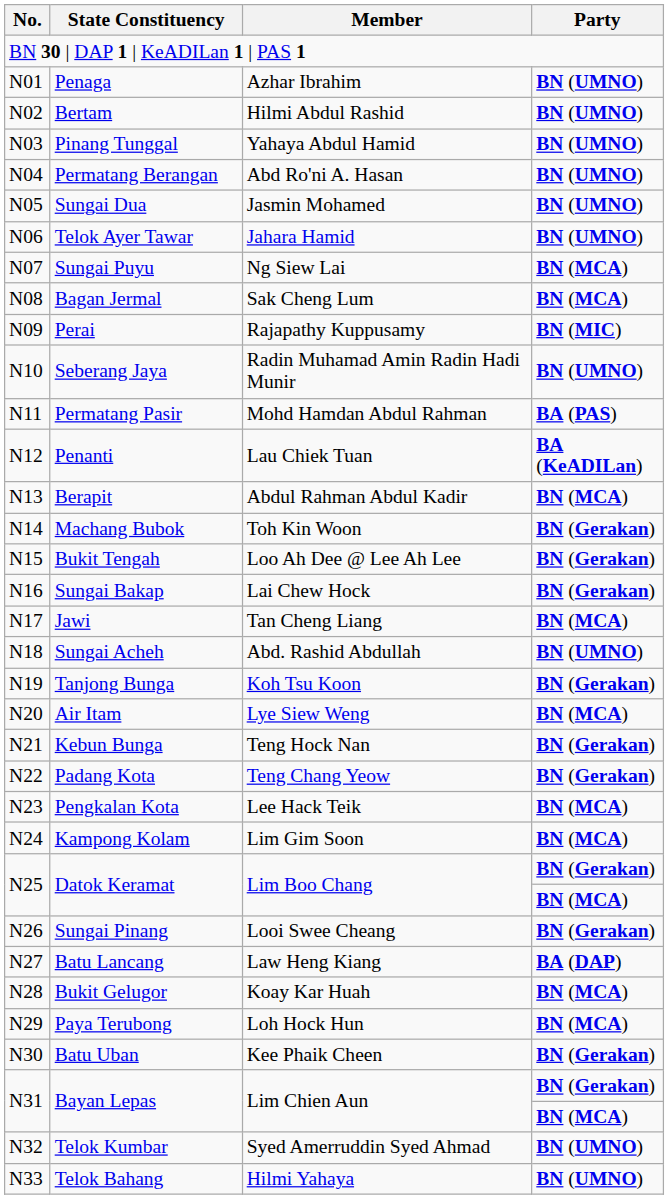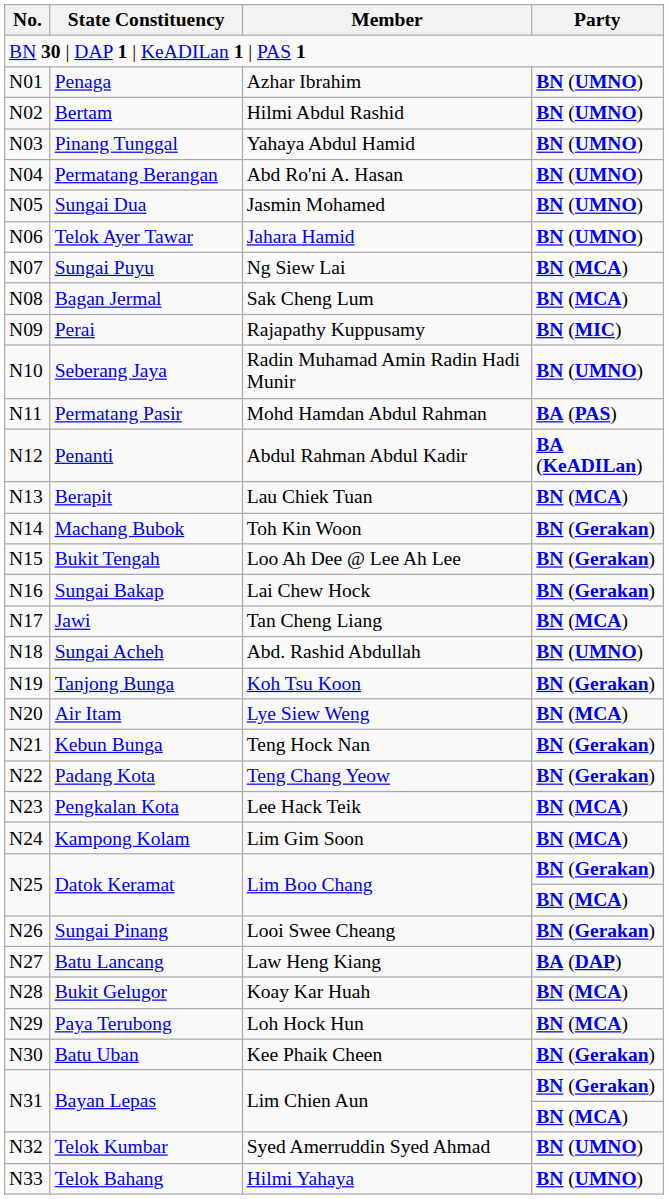 <table class="wikitable sortable">
 <tr>
 <th style="width:30px;">No.</th>
 <th style="width:150px;">State Constituency</th>
 <th style="width:230px;">Member</th>
 <th style="width:100px;">Party</th>
 </tr>
 <tr>
 <td colspan="4"><a href='#'>BN</a> <strong>30</strong> | <a href='#'>DAP</a> <strong>1</strong> | <a href='#'>KeADILan</a> <strong>1</strong> | <a href='#'>PAS</a> <strong>1</strong></td>
 </tr>
 <tr>
 <td>N01</td>
 <td><a href='#'>Penaga</a></td>
 <td>Azhar Ibrahim</td>
 <td><strong><a href='#'>BN</a></strong> (<strong><a href='#'>UMNO</a></strong>)</td>
 </tr>
 <tr>
 <td>N02</td>
 <td><a href='#'>Bertam</a></td>
 <td>Hilmi Abdul Rashid</td>
 <td><strong><a href='#'>BN</a></strong> (<strong><a href='#'>UMNO</a></strong>)</td>
 </tr>
 <tr>
 <td>N03</td>
 <td><a href='#'>Pinang Tunggal</a></td>
 <td>Yahaya Abdul Hamid</td>
 <td><strong><a href='#'>BN</a></strong> (<strong><a href='#'>UMNO</a></strong>)</td>
 </tr>
 <tr>
 <td>N04</td>
 <td><a href='#'>Permatang Berangan</a></td>
 <td>Abd Ro'ni A. Hasan</td>
 <td><strong><a href='#'>BN</a></strong> (<strong><a href='#'>UMNO</a></strong>)</td>
 </tr>
 <tr>
 <td>N05</td>
 <td><a href='#'>Sungai Dua</a></td>
 <td>Jasmin Mohamed</td>
 <td><strong><a href='#'>BN</a></strong> (<strong><a href='#'>UMNO</a></strong>)</td>
 </tr>
 <tr>
 <td>N06</td>
 <td><a href='#'>Telok Ayer Tawar</a></td>
 <td><a href='#'>Jahara Hamid</a></td>
 <td><strong><a href='#'>BN</a></strong> (<strong><a href='#'>UMNO</a></strong>)</td>
 </tr>
 <tr>
 <td>N07</td>
 <td><a href='#'>Sungai Puyu</a></td>
 <td>Ng Siew Lai</td>
 <td><strong><a href='#'>BN</a></strong> (<strong><a href='#'>MCA</a></strong>)</td>
 </tr>
 <tr>
 <td>N08</td>
 <td><a href='#'>Bagan Jermal</a></td>
 <td>Sak Cheng Lum</td>
 <td><strong><a href='#'>BN</a></strong> (<strong><a href='#'>MCA</a></strong>)</td>
 </tr>
 <tr>
 <td>N09</td>
 <td><a href='#'>Perai</a></td>
 <td>Rajapathy Kuppusamy</td>
 <td><strong><a href='#'>BN</a></strong> (<strong><a href='#'>MIC</a></strong>)</td>
 </tr>
 <tr>
 <td>N10</td>
 <td><a href='#'>Seberang Jaya</a></td>
 <td>Radin Muhamad Amin Radin Hadi Munir</td>
 <td><strong><a href='#'>BN</a></strong> (<strong><a href='#'>UMNO</a></strong>)</td>
 </tr>
 <tr>
 <td>N11</td>
 <td><a href='#'>Permatang Pasir</a></td>
 <td>Mohd Hamdan Abdul Rahman</td>
 <td><strong><a href='#'>BA</a></strong> (<strong><a href='#'>PAS</a></strong>)</td>
 </tr>
 <tr>
 <td>N12</td>
 <td><a href='#'>Penanti</a></td>
-<td>Lau Chiek Tuan</td>
+<td>Abdul Rahman Abdul Kadir</td>
 <td><strong><a href='#'>BA</a></strong> (<strong><a href='#'>KeADILan</a></strong>)</td>
 </tr>
 <tr>
 <td>N13</td>
 <td><a href='#'>Berapit</a></td>
-<td>Abdul Rahman Abdul Kadir</td>
+<td>Lau Chiek Tuan</td>
 <td><strong><a href='#'>BN</a></strong> (<strong><a href='#'>MCA</a></strong>)</td>
 </tr>
 <tr>
 <td>N14</td>
 <td><a href='#'>Machang Bubok</a></td>
 <td>Toh Kin Woon</td>
 <td><strong><a href='#'>BN</a></strong> (<strong><a href='#'>Gerakan</a></strong>)</td>
 </tr>
 <tr>
 <td>N15</td>
 <td><a href='#'>Bukit Tengah</a></td>
 <td>Loo Ah Dee @ Lee Ah Lee</td>
 <td><strong><a href='#'>BN</a></strong> (<strong><a href='#'>Gerakan</a></strong>)</td>
 </tr>
 <tr>
 <td>N16</td>
 <td><a href='#'>Sungai Bakap</a></td>
 <td>Lai Chew Hock</td>
 <td><strong><a href='#'>BN</a></strong> (<strong><a href='#'>Gerakan</a></strong>)</td>
 </tr>
 <tr>
 <td>N17</td>
 <td><a href='#'>Jawi</a></td>
 <td>Tan Cheng Liang</td>
 <td><strong><a href='#'>BN</a></strong> (<strong><a href='#'>MCA</a></strong>)</td>
 </tr>
 <tr>
 <td>N18</td>
 <td><a href='#'>Sungai Acheh</a></td>
 <td>Abd. Rashid Abdullah</td>
 <td><strong><a href='#'>BN</a></strong> (<strong><a href='#'>UMNO</a></strong>)</td>
 </tr>
 <tr>
 <td>N19</td>
 <td><a href='#'>Tanjong Bunga</a></td>
 <td><a href='#'>Koh Tsu Koon</a></td>
 <td><strong><a href='#'>BN</a></strong> (<strong><a href='#'>Gerakan</a></strong>)</td>
 </tr>
 <tr>
 <td>N20</td>
 <td><a href='#'>Air Itam</a></td>
 <td><a href='#'>Lye Siew Weng</a></td>
 <td><strong><a href='#'>BN</a></strong> (<strong><a href='#'>MCA</a></strong>)</td>
 </tr>
 <tr>
 <td>N21</td>
 <td><a href='#'>Kebun Bunga</a></td>
 <td>Teng Hock Nan</td>
 <td><strong><a href='#'>BN</a></strong> (<strong><a href='#'>Gerakan</a></strong>)</td>
 </tr>
 <tr>
 <td>N22</td>
 <td><a href='#'>Padang Kota</a></td>
 <td><a href='#'>Teng Chang Yeow</a></td>
 <td><strong><a href='#'>BN</a></strong> (<strong><a href='#'>Gerakan</a></strong>)</td>
 </tr>
 <tr>
 <td>N23</td>
 <td><a href='#'>Pengkalan Kota</a></td>
 <td>Lee Hack Teik</td>
 <td><strong><a href='#'>BN</a></strong> (<strong><a href='#'>MCA</a></strong>)</td>
 </tr>
 <tr>
 <td>N24</td>
 <td><a href='#'>Kampong Kolam</a></td>
 <td>Lim Gim Soon</td>
 <td><strong><a href='#'>BN</a></strong> (<strong><a href='#'>MCA</a></strong>)</td>
 </tr>
 <tr>
 <td rowspan=2>N25</td>
 <td rowspan=2><a href='#'>Datok Keramat</a></td>
 <td rowspan=2><a href='#'>Lim Boo Chang</a></td>
 <td><strong><a href='#'>BN</a></strong> (<strong><a href='#'>Gerakan</a></strong>)</td>
 </tr>
 <tr>
 <td><strong><a href='#'>BN</a></strong> (<strong><a href='#'>MCA</a></strong>)</td>
 </tr>
 <tr>
 <td>N26</td>
 <td><a href='#'>Sungai Pinang</a></td>
 <td>Looi Swee Cheang</td>
 <td><strong><a href='#'>BN</a></strong> (<strong><a href='#'>Gerakan</a></strong>)</td>
 </tr>
 <tr>
 <td>N27</td>
 <td><a href='#'>Batu Lancang</a></td>
 <td>Law Heng Kiang</td>
 <td><strong><a href='#'>BA</a></strong> (<strong><a href='#'>DAP</a></strong>)</td>
 </tr>
 <tr>
 <td>N28</td>
 <td><a href='#'>Bukit Gelugor</a></td>
 <td>Koay Kar Huah</td>
 <td><strong><a href='#'>BN</a></strong> (<strong><a href='#'>MCA</a></strong>)</td>
 </tr>
 <tr>
 <td>N29</td>
 <td><a href='#'>Paya Terubong</a></td>
 <td>Loh Hock Hun</td>
 <td><strong><a href='#'>BN</a></strong> (<strong><a href='#'>MCA</a></strong>)</td>
 </tr>
 <tr>
 <td>N30</td>
 <td><a href='#'>Batu Uban</a></td>
 <td>Kee Phaik Cheen</td>
 <td><strong><a href='#'>BN</a></strong> (<strong><a href='#'>Gerakan</a></strong>)</td>
 </tr>
 <tr>
 <td rowspan=2>N31</td>
 <td rowspan=2><a href='#'>Bayan Lepas</a></td>
 <td rowspan=2>Lim Chien Aun</td>
 <td><strong><a href='#'>BN</a></strong> (<strong><a href='#'>Gerakan</a></strong>)</td>
 </tr>
 <tr>
 <td><strong><a href='#'>BN</a></strong> (<strong><a href='#'>MCA</a></strong>)</td>
 </tr>
 <tr>
 <td>N32</td>
 <td><a href='#'>Telok Kumbar</a></td>
 <td>Syed Amerruddin Syed Ahmad</td>
 <td><strong><a href='#'>BN</a></strong> (<strong><a href='#'>UMNO</a></strong>)</td>
 </tr>
 <tr>
 <td>N33</td>
 <td><a href='#'>Telok Bahang</a></td>
 <td><a href='#'>Hilmi Yahaya</a></td>
 <td><strong><a href='#'>BN</a></strong> (<strong><a href='#'>UMNO</a></strong>)</td>
 </tr>
 </table>
